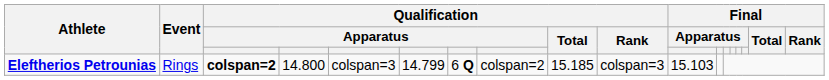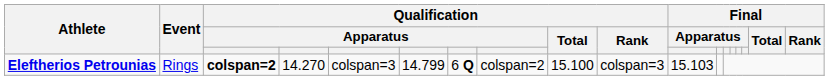 <table class="wikitable" style="font-size:90%">
 <tr>
 <th rowspan=3>Athlete</th>
 <th rowspan=3>Event</th>
 <th colspan =8>Qualification</th>
 <th colspan =8>Final</th>
 </tr>
 <tr style="font-size:95%">
 <th colspan=6>Apparatus</th>
 <th rowspan=2>Total</th>
 <th rowspan=2>Rank</th>
 <th colspan=6>Apparatus</th>
 <th rowspan=2>Total</th>
 <th rowspan=2>Rank</th>
 </tr>
 <tr style="font-size:95%">
 <th></th>
 <th></th>
 <th></th>
 <th></th>
 <th></th>
 <th></th>
 <th></th>
 <th></th>
 <th></th>
 <th></th>
 <th></th>
 <th></th>
 </tr>
 <tr align=center>
 <td align=left><strong><a href='#'>Eleftherios Petrounias</a></strong></td>
 <td align=left><a href='#'>Rings</a></td>
 <td><strong>colspan=2 </strong></td>
-<td>14.800</td>
+<td>14.270</td>
 <td>colspan=3 </td>
 <td>14.799</td>
 <td>6 <strong>Q</strong></td>
 <td>colspan=2 </td>
-<td>15.185</td>
+<td>15.100</td>
 <td>colspan=3 </td>
 <td>15.103</td>
 <td></td>
 </tr>
 </table>
